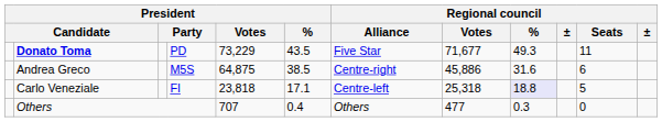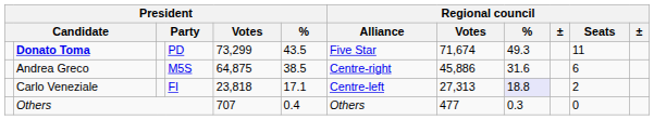 <table class="wikitable" style="text-align:right style="width=70%">
 <tr>
 <th colspan="6">President</th>
 <th colspan="6">Regional council</th>
 </tr>
 <tr>
 <th colspan="2">Candidate</th>
 <th colspan="2">Party</th>
 <th>Votes</th>
 <th>%</th>
 <th>Alliance</th>
 <th>Votes</th>
 <th>%</th>
 <th>±</th>
 <th>Seats</th>
 <th>±</th>
 </tr>
 <tr>
 <td></td>
 <td style="text-align:left"><strong><a href='#'>Donato Toma</a></strong></td>
 <td></td>
 <td style="text-align:left"><a href='#'>PD</a></td>
-<td>73,229</td>
+<td>73,299</td>
 <td>43.5</td>
 <td style="text-align:left"><a href='#'>Five Star</a></td>
-<td>71,677</td>
+<td>71,674</td>
 <td>49.3</td>
 <td></td>
 <td>11</td>
 <td></td>
 </tr>
 <tr>
 <td></td>
 <td style="text-align:left">Andrea Greco</td>
 <td></td>
 <td style="text-align:left"><a href='#'>M5S</a></td>
 <td>64,875</td>
 <td>38.5</td>
 <td style="text-align:left"><a href='#'>Centre-right</a></td>
 <td>45,886</td>
 <td>31.6</td>
 <td></td>
 <td>6</td>
 <td></td>
 </tr>
 <tr>
 <td></td>
 <td style="text-align:left">Carlo Veneziale</td>
 <td></td>
 <td style="text-align:left"><a href='#'>FI</a></td>
 <td>23,818</td>
 <td>17.1</td>
 <td style="text-align:left"><a href='#'>Centre-left</a></td>
-<td>25,318</td>
+<td>27,313</td>
 <td style="background: lavender;">18.8</td>
 <td></td>
-<td>5</td>
+<td>2</td>
 <td></td>
 </tr>
 <tr>
 <td></td>
 <td colspan="3" style="text-align:left"><em>Others</em></td>
 <td>707</td>
 <td>0.4</td>
 <td style="text-align:left"><em>Others</em></td>
 <td>477</td>
 <td>0.3</td>
 <td></td>
 <td>0</td>
 <td></td>
 </tr>
 </table>
